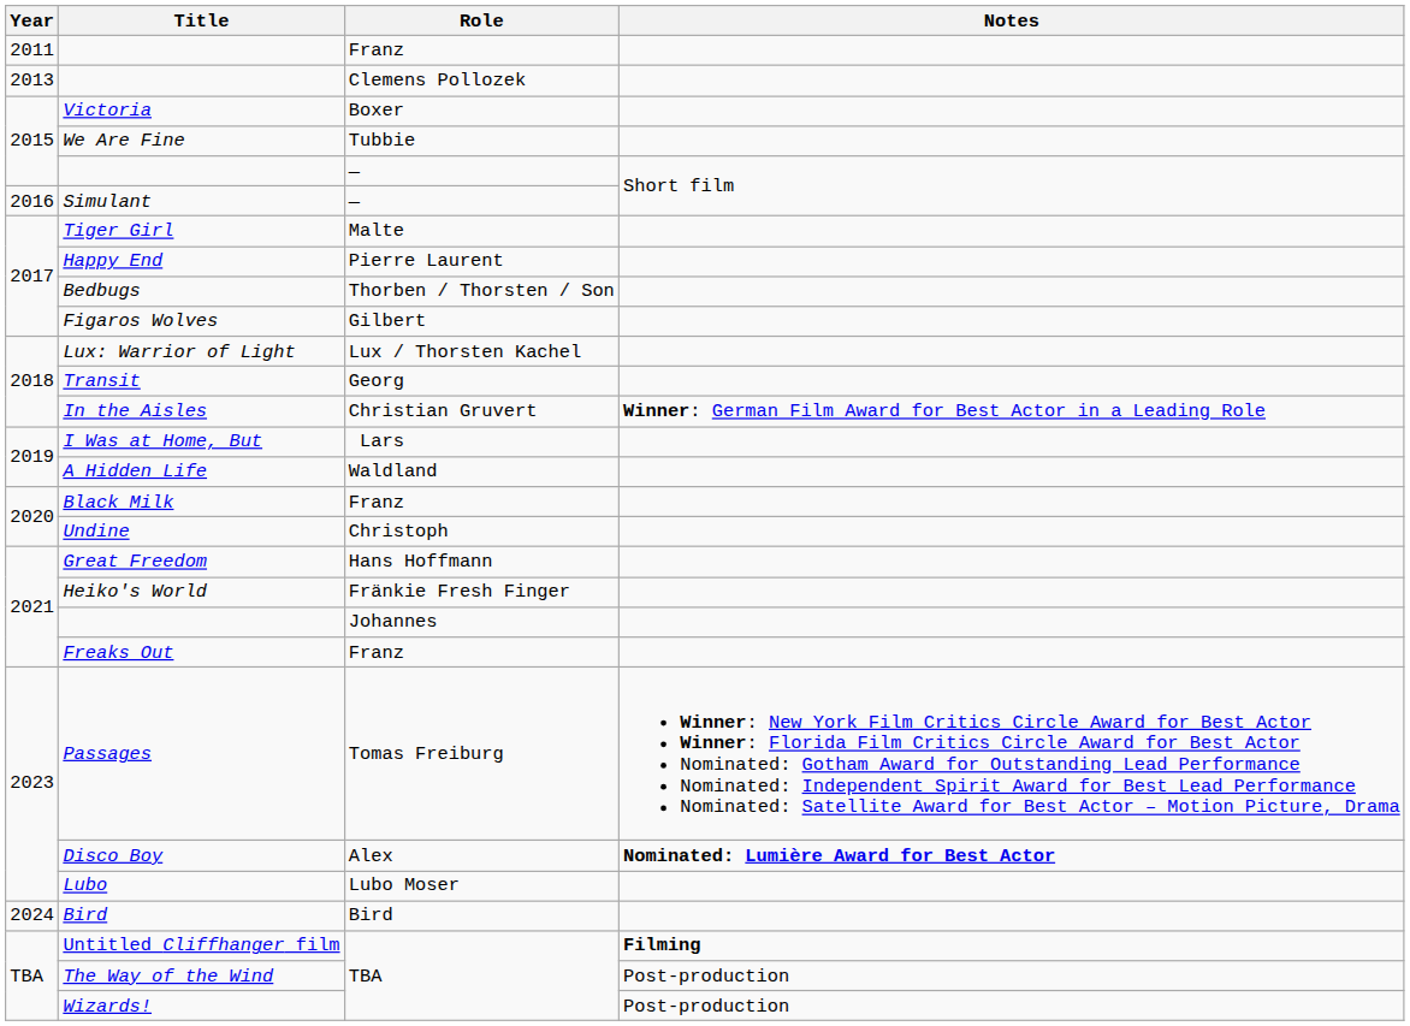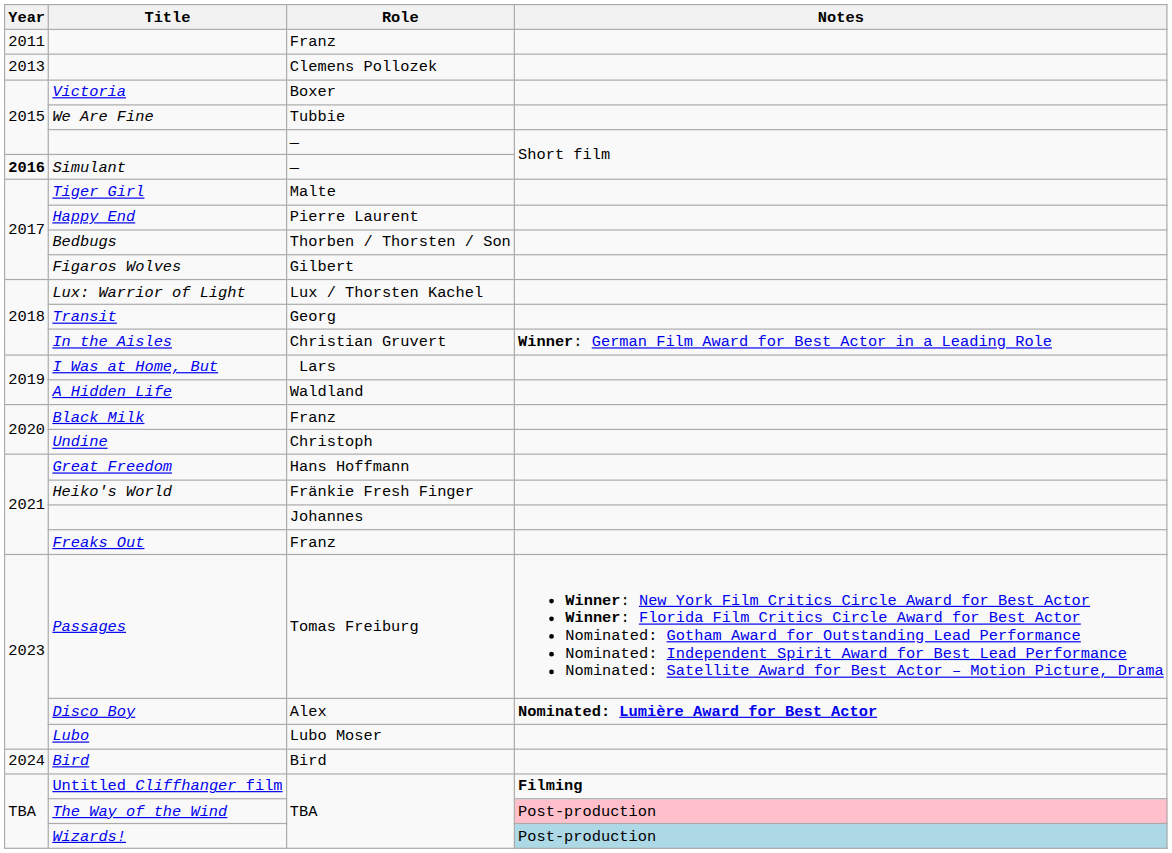 <table class="wikitable plainrowheaders sortable">
 <tr>
 <th scope="col">Year</th>
 <th scope="col">Title</th>
 <th scope="col">Role</th>
 <th class="unsortable">Notes</th>
 </tr>
 <tr>
 <td>2011</td>
 <td></td>
 <td>Franz</td>
 <td></td>
 </tr>
 <tr>
 <td>2013</td>
 <td><em></em></td>
 <td>Clemens Pollozek</td>
 <td></td>
 </tr>
 <tr>
 <td rowspan="3">2015</td>
 <td><em><a href='#'>Victoria</a></em></td>
 <td>Boxer</td>
 <td></td>
 </tr>
 <tr>
 <td><em>We Are Fine</em> <em></em></td>
 <td>Tubbie</td>
 <td></td>
 </tr>
 <tr>
 <td></td>
 <td>—</td>
 <td rowspan="2">Short film</td>
 </tr>
 <tr>
-<td>2016</td>
+<td><strong>2016</strong></td>
 <td><em>Simulant</em></td>
 <td>—</td>
 </tr>
 <tr>
 <td rowspan="4">2017</td>
 <td><em><a href='#'>Tiger Girl</a></em></td>
 <td>Malte</td>
 <td></td>
 </tr>
 <tr>
 <td><em><a href='#'>Happy End</a></em></td>
 <td>Pierre Laurent</td>
 <td></td>
 </tr>
 <tr>
 <td><em>Bedbugs</em></td>
 <td>Thorben / Thorsten / Son</td>
 <td></td>
 </tr>
 <tr>
 <td><em>Figaros Wolves</em></td>
 <td>Gilbert</td>
 <td></td>
 </tr>
 <tr>
 <td rowspan="3">2018</td>
 <td><em>Lux: Warrior of Light</em></td>
 <td>Lux / Thorsten Kachel</td>
 <td> </td>
 </tr>
 <tr>
 <td><em><a href='#'>Transit</a></em></td>
 <td>Georg</td>
 <td></td>
 </tr>
 <tr>
 <td><em><a href='#'>In the Aisles</a></em></td>
 <td>Christian Gruvert</td>
 <td><strong>Winner</strong>: <a href='#'>German Film Award for Best Actor in a Leading Role</a></td>
 </tr>
 <tr>
 <td rowspan="2">2019</td>
 <td><em><a href='#'>I Was at Home, But</a></em></td>
 <td> Lars</td>
 <td></td>
 </tr>
 <tr>
 <td><em><a href='#'>A Hidden Life</a></em></td>
 <td>Waldland</td>
 <td></td>
 </tr>
 <tr>
 <td rowspan="2">2020</td>
 <td><em><a href='#'>Black Milk</a></em></td>
 <td>Franz</td>
 <td></td>
 </tr>
 <tr>
 <td><em><a href='#'>Undine</a></em></td>
 <td>Christoph</td>
 <td></td>
 </tr>
 <tr>
 <td rowspan="4">2021</td>
 <td><em><a href='#'>Great Freedom</a></em></td>
 <td>Hans Hoffmann</td>
 <td></td>
 </tr>
 <tr>
 <td><em>Heiko's World</em></td>
 <td>Fränkie Fresh Finger</td>
 <td></td>
 </tr>
 <tr>
 <td></td>
 <td>Johannes</td>
 <td></td>
 </tr>
 <tr>
 <td><em><a href='#'>Freaks Out</a></em></td>
 <td>Franz</td>
 <td></td>
 </tr>
 <tr>
 <td rowspan="3">2023</td>
 <td><em><a href='#'>Passages</a></em></td>
 <td>Tomas Freiburg</td>
 <td><br><ul><li><strong>Winner</strong>: <a href='#'>New York Film Critics Circle Award for Best Actor</a></li><li><strong>Winner</strong>: <a href='#'>Florida Film Critics Circle Award for Best Actor</a></li><li>Nominated: <a href='#'>Gotham Award for Outstanding Lead Performance</a></li><li>Nominated: <a href='#'>Independent Spirit Award for Best Lead Performance</a></li><li>Nominated: <a href='#'>Satellite Award for Best Actor – Motion Picture, Drama</a></li></ul></td>
 </tr>
 <tr>
 <td><em><a href='#'>Disco Boy</a></em></td>
 <td>Alex</td>
 <td><strong>Nominated: <a href='#'>Lumière Award for Best Actor</a></strong></td>
 </tr>
 <tr>
 <td><em><a href='#'>Lubo</a></em></td>
 <td>Lubo Moser</td>
 <td></td>
 </tr>
 <tr>
 <td>2024</td>
 <td><em><a href='#'>Bird</a></em></td>
 <td>Bird</td>
 <td></td>
 </tr>
 <tr>
 <td rowspan="3">TBA</td>
 <td><a href='#'>Untitled <em>Cliffhanger</em> film</a></td>
 <td rowspan="3">TBA</td>
 <td><strong>Filming</strong></td>
 </tr>
 <tr>
 <td><em><a href='#'>The Way of the Wind</a></em></td>
-<td>Post-production</td>
+<td style="background: pink;">Post-production</td>
 </tr>
 <tr>
 <td><em><a href='#'>Wizards!</a></em></td>
-<td>Post-production</td>
+<td style="background: lightblue;">Post-production</td>
 </tr>
 </table>
